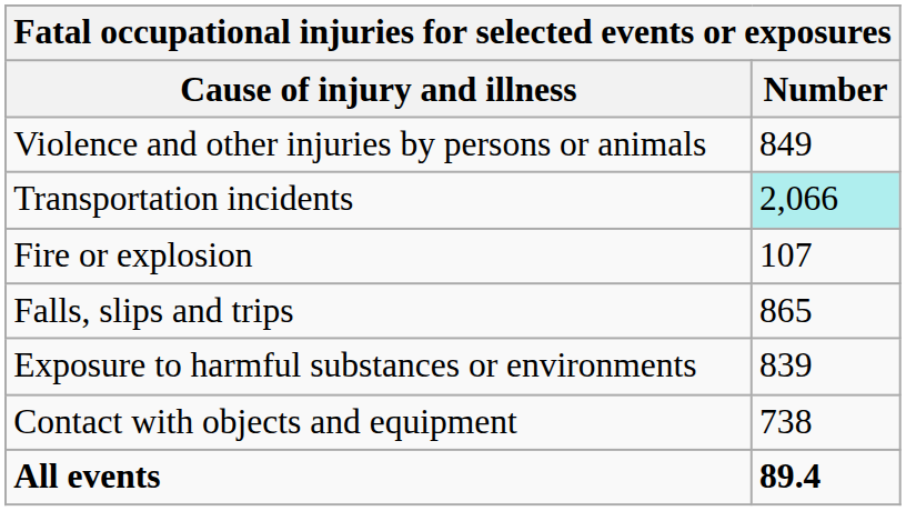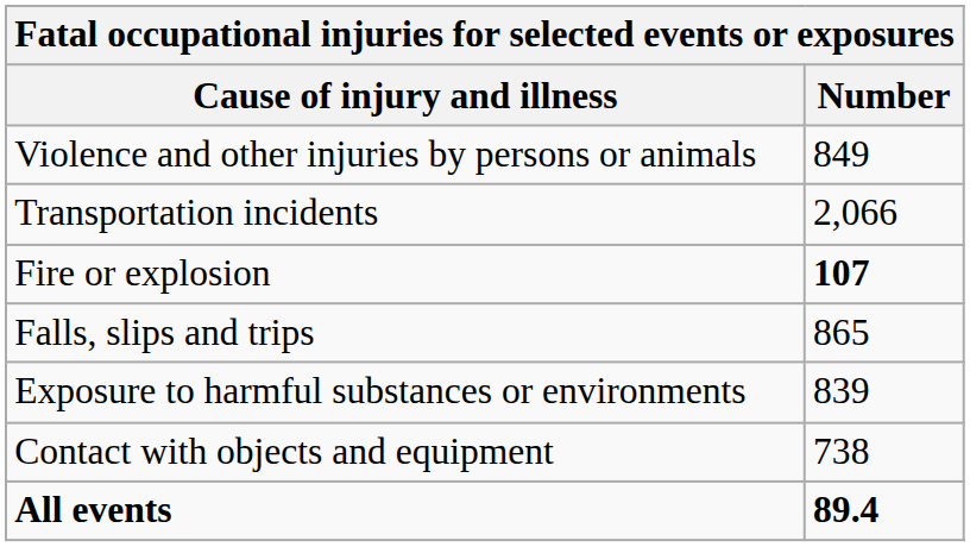 <table class="wikitable sortable sort-under col2right" >
 <tr>
 <th colspan=2><strong>Fatal occupational injuries for selected events or exposures</strong></th>
 </tr>
 <tr>
 <th>Cause of injury and illness</th>
 <th>Number</th>
 </tr>
 <tr>
 <td>Violence and other injuries by persons or animals</td>
 <td>849</td>
 </tr>
 <tr>
 <td>Transportation incidents</td>
-<td style="background: paleturquoise;">2,066</td>
+<td>2,066</td>
 </tr>
 <tr>
 <td>Fire or explosion</td>
-<td>107</td>
+<td><strong>107</strong></td>
 </tr>
 <tr>
 <td>Falls, slips and trips</td>
 <td>865</td>
 </tr>
 <tr>
 <td>Exposure to harmful substances or environments</td>
 <td>839</td>
 </tr>
 <tr>
 <td>Contact with objects and equipment</td>
 <td>738</td>
 </tr>
 <tr>
 <td><strong>All events</strong></td>
 <td><strong>89.4</strong></td>
 </tr>
 </table>
